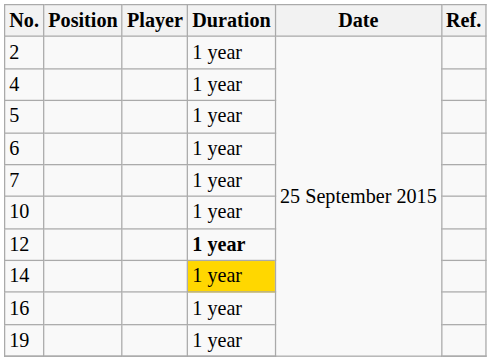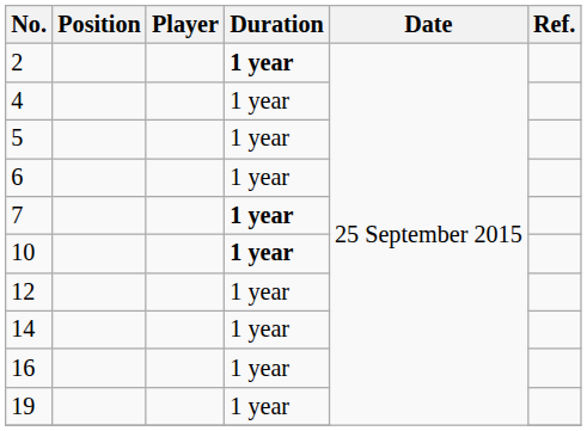 <table class="wikitable">
 <tr>
 <th scope="col">No.</th>
 <th scope="col">Position</th>
 <th scope="col">Player</th>
 <th scope="col">Duration</th>
 <th scope="col">Date</th>
 <th scope="col">Ref.</th>
 </tr>
 <tr>
 <td>2</td>
 <td></td>
 <td align="left"></td>
-<td>1 year</td>
+<td><strong>1 year</strong></td>
 <td rowspan="11">25 September 2015</td>
 <td></td>
 </tr>
 <tr>
 <td>4</td>
 <td></td>
 <td align="left"></td>
 <td>1 year</td>
 <td></td>
 </tr>
 <tr>
 <td>5</td>
 <td></td>
 <td align="left"></td>
 <td>1 year</td>
 <td></td>
 </tr>
 <tr>
 <td>6</td>
 <td></td>
 <td align="left"></td>
 <td>1 year</td>
 <td></td>
 </tr>
 <tr>
 <td>7</td>
 <td></td>
 <td align="left"></td>
-<td>1 year</td>
+<td><strong>1 year</strong></td>
 <td></td>
 </tr>
 <tr>
 <td>10</td>
 <td></td>
 <td align="left"></td>
-<td>1 year</td>
+<td><strong>1 year</strong></td>
 <td></td>
 </tr>
 <tr>
 <td>12</td>
 <td></td>
 <td align="left"></td>
-<td><strong>1 year</strong></td>
+<td>1 year</td>
 <td></td>
 </tr>
 <tr>
 <td>14</td>
 <td></td>
 <td align="left"></td>
-<td style="background: gold;">1 year</td>
+<td>1 year</td>
 <td></td>
 </tr>
 <tr>
 <td>16</td>
 <td></td>
 <td align="left"></td>
 <td>1 year</td>
 <td></td>
 </tr>
 <tr>
 <td>19</td>
 <td></td>
 <td align="left"></td>
 <td>1 year</td>
 <td></td>
 </tr>
 <tr>
 </tr>
 </table>
